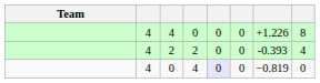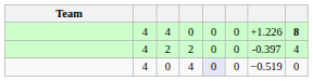 <table class="wikitable" style="text-align:center">
 <tr>
 <th style="width:175px;">Team</th>
 <th style="width:25px;"></th>
 <th style="width:25px;"></th>
 <th style="width:25px;"></th>
 <th style="width:25px;"></th>
 <th style="width:25px;"></th>
 <th style="width:45px;"></th>
 <th style="width:25px;"></th>
 </tr>
 <tr style="background:#cfc;">
 <td align="left"></td>
 <td>4</td>
 <td>4</td>
 <td>0</td>
 <td>0</td>
 <td>0</td>
 <td>+1.226</td>
-<td>8</td>
+<td><strong>8</strong></td>
 </tr>
 <tr style="background:#cfc;">
 <td align="left"></td>
 <td>4</td>
 <td>2</td>
 <td>2</td>
 <td>0</td>
 <td>0</td>
-<td>-0.393</td>
+<td>-0.397</td>
 <td>4</td>
 </tr>
 <tr>
 <td align="left"></td>
 <td>4</td>
 <td>0</td>
 <td>4</td>
 <td style="background: lavender;">0</td>
 <td>0</td>
-<td>−0.819</td>
+<td>−0.519</td>
 <td>0</td>
 </tr>
 </table>
